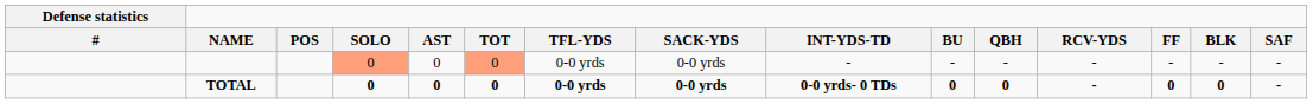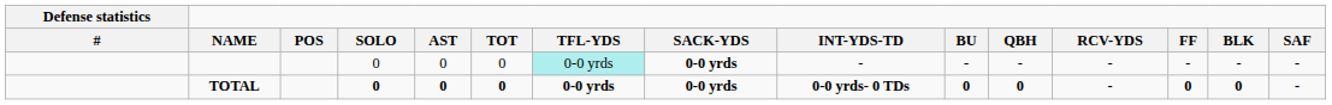 <table style="width:90%; text-align:center;" class="wikitable collapsible collapsed">
 <tr>
 <th style="text-align:center; ">Defense statistics</th>
 </tr>
 <tr>
 <th>#</th>
 <th>NAME</th>
 <th>POS</th>
 <th>SOLO</th>
 <th>AST</th>
 <th>TOT</th>
 <th>TFL-YDS</th>
 <th>SACK-YDS</th>
 <th>INT-YDS-TD</th>
 <th>BU</th>
 <th>QBH</th>
 <th>RCV-YDS</th>
 <th>FF</th>
 <th>BLK</th>
 <th>SAF</th>
 </tr>
 <tr>
 <td></td>
 <td></td>
 <td></td>
-<td style="background: lightsalmon;">0</td>
 <td>0</td>
-<td style="background: lightsalmon;">0</td>
-<td>0-0 yrds</td>
-<td>0-0 yrds</td>
+<td>0</td>
+<td>0</td>
+<td style="background: paleturquoise;">0-0 yrds</td>
+<td><strong>0-0 yrds</strong></td>
 <td>-</td>
 <td>-</td>
 <td>-</td>
 <td>-</td>
 <td>-</td>
 <td>-</td>
 <td>-</td>
 </tr>
 <tr>
 <td></td>
 <td><strong>TOTAL</strong></td>
 <td></td>
 <td><strong>0</strong></td>
 <td><strong>0</strong></td>
 <td><strong>0</strong></td>
 <td><strong>0-0 yrds</strong></td>
 <td><strong>0-0 yrds</strong></td>
 <td><strong>0-0 yrds- 0 TDs</strong></td>
 <td><strong>0</strong></td>
 <td><strong>0</strong></td>
 <td><strong>-</strong></td>
 <td><strong>0</strong></td>
 <td><strong>0</strong></td>
 <td><strong>-</strong></td>
 </tr>
 </table>
